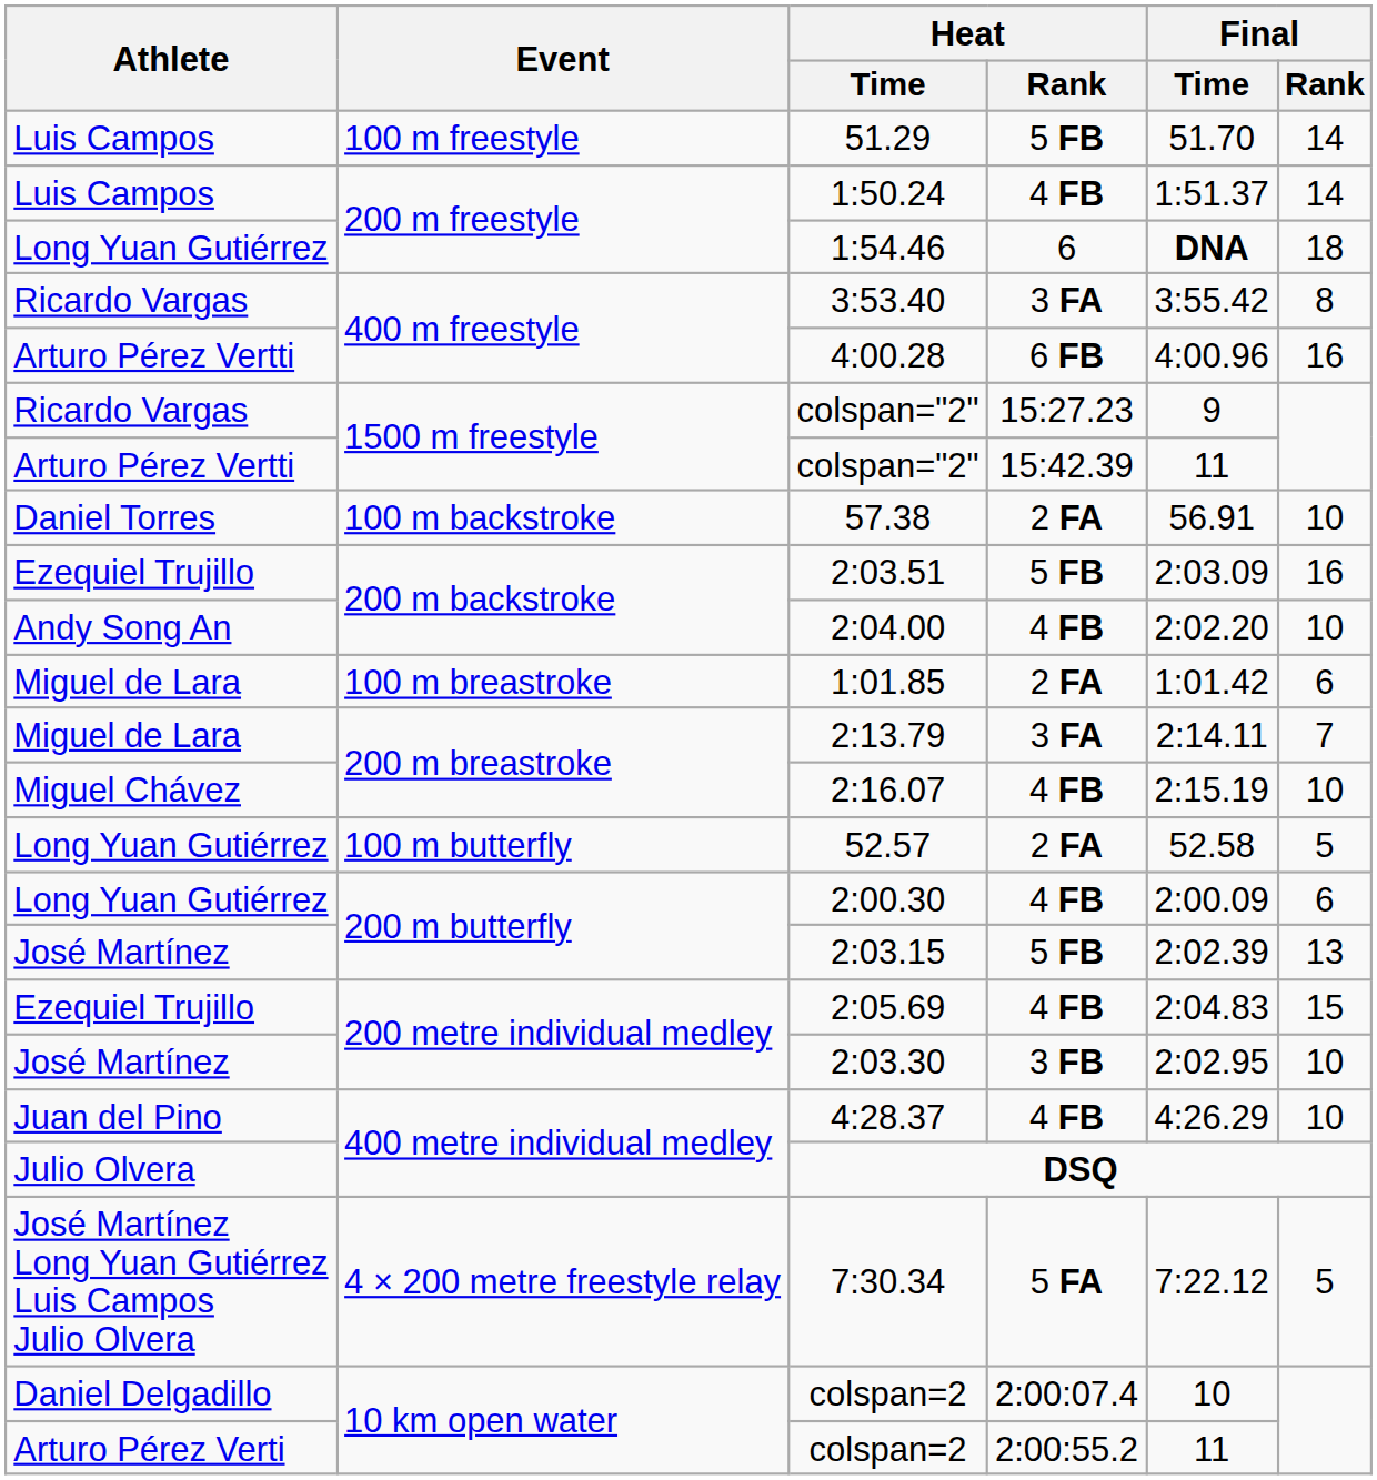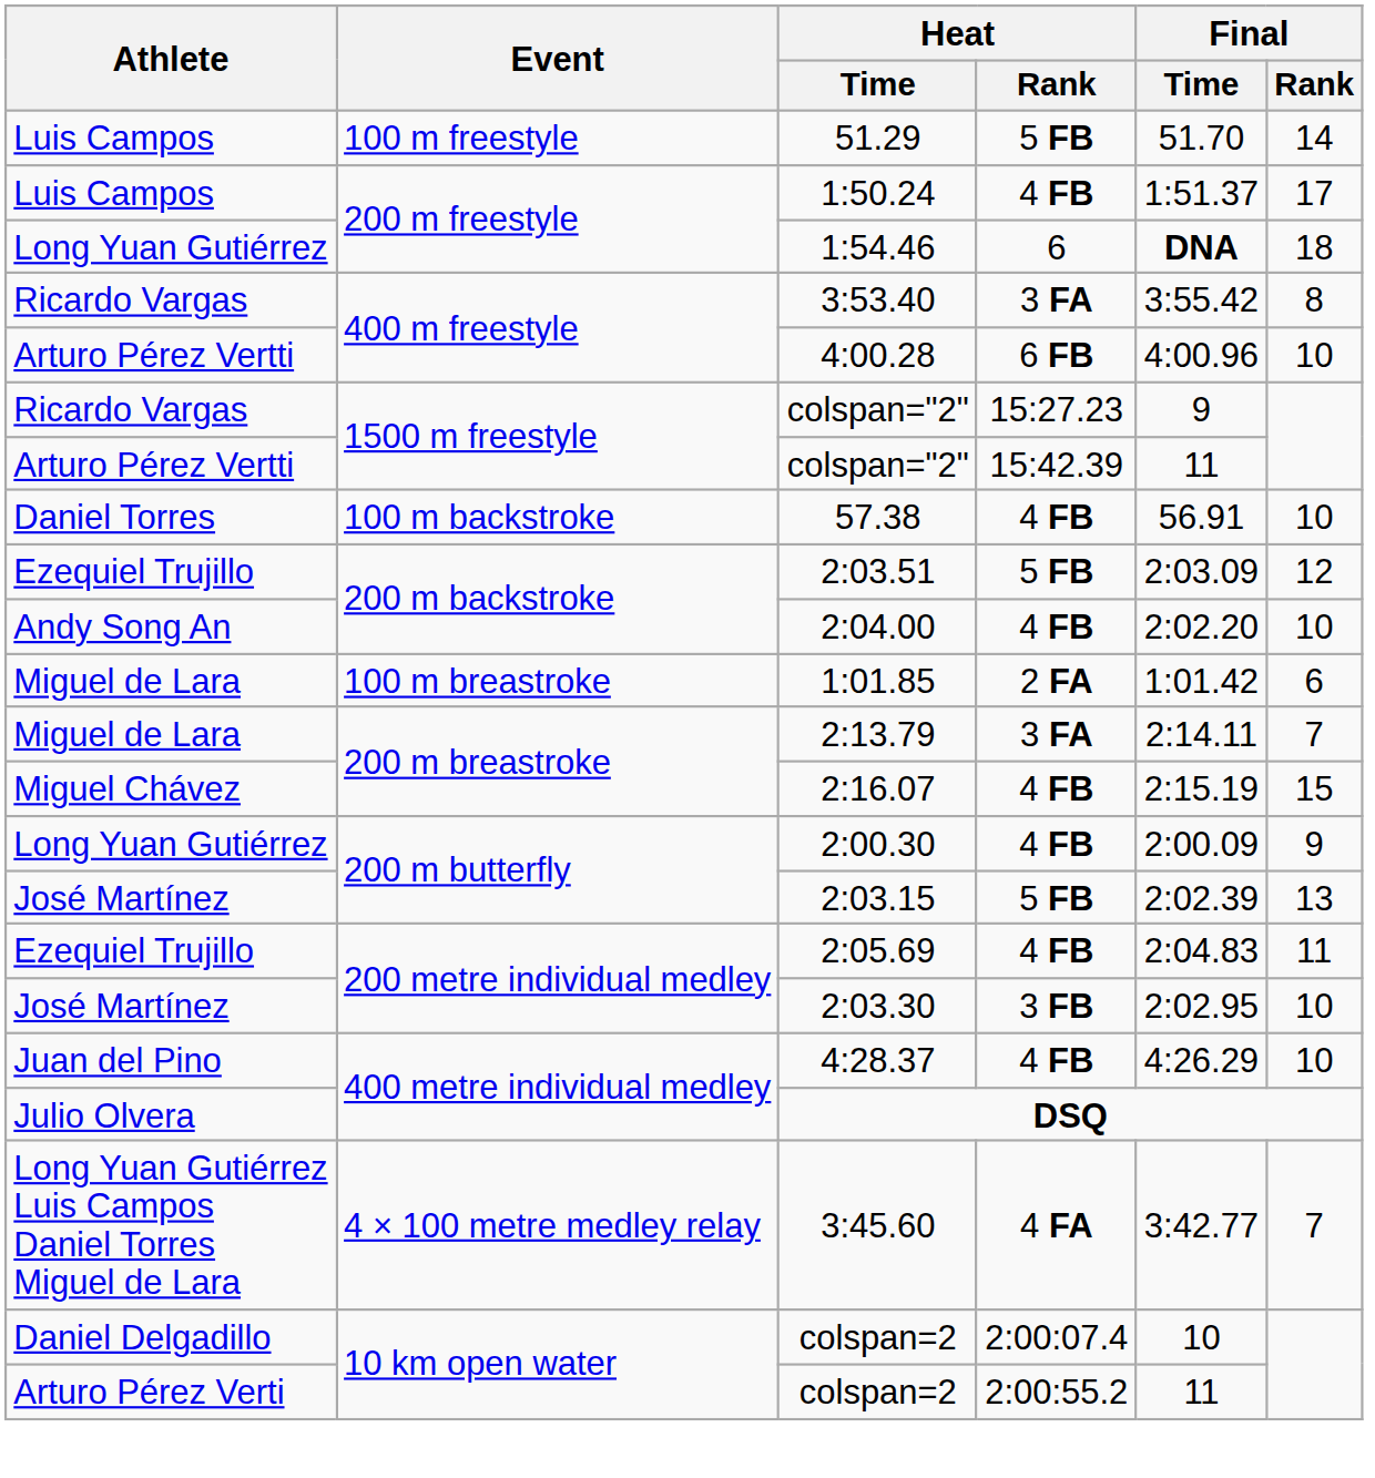 <table class=wikitable style="font-size:90%">
 <tr>
 <th rowspan="2">Athlete</th>
 <th rowspan="2">Event</th>
 <th colspan="2">Heat</th>
 <th colspan="2">Final</th>
 </tr>
 <tr style="font-size:95%">
 <th>Time</th>
 <th>Rank</th>
 <th>Time</th>
 <th>Rank</th>
 </tr>
 <tr align=center>
 <td align=left><a href='#'>Luis Campos</a></td>
 <td align=left><a href='#'>100 m freestyle</a></td>
 <td>51.29</td>
 <td>5 <strong>FB</strong></td>
 <td>51.70</td>
 <td>14</td>
 </tr>
 <tr align=center>
 <td align=left><a href='#'>Luis Campos</a></td>
 <td align=left rowspan=2><a href='#'>200 m freestyle</a></td>
 <td>1:50.24</td>
 <td>4 <strong>FB</strong></td>
 <td>1:51.37</td>
-<td>14</td>
+<td>17</td>
 </tr>
 <tr align=center>
 <td align=left><a href='#'>Long Yuan Gutiérrez</a></td>
 <td>1:54.46</td>
 <td>6</td>
 <td><strong>DNA</strong></td>
 <td>18</td>
 </tr>
 <tr align=center>
 <td align=left><a href='#'>Ricardo Vargas</a></td>
 <td align=left rowspan="2"><a href='#'>400 m freestyle</a></td>
 <td>3:53.40</td>
 <td>3 <strong>FA</strong></td>
 <td>3:55.42</td>
 <td>8</td>
 </tr>
 <tr align=center>
 <td align=left><a href='#'>Arturo Pérez Vertti</a></td>
 <td>4:00.28</td>
 <td>6 <strong>FB</strong></td>
 <td>4:00.96</td>
-<td>16</td>
+<td>10</td>
 </tr>
 <tr align=center>
 <td align=left><a href='#'>Ricardo Vargas</a></td>
 <td align=left rowspan="2"><a href='#'>1500 m freestyle</a></td>
 <td>colspan="2" </td>
 <td>15:27.23</td>
 <td>9</td>
 </tr>
 <tr align=center>
 <td align=left><a href='#'>Arturo Pérez Vertti</a></td>
 <td>colspan="2" </td>
 <td>15:42.39</td>
 <td>11</td>
 </tr>
 <tr align=center>
 <td align=left><a href='#'>Daniel Torres</a></td>
 <td align=left><a href='#'>100 m backstroke</a></td>
 <td>57.38</td>
-<td>2 <strong>FA</strong></td>
+<td>4 <strong>FB</strong></td>
 <td>56.91</td>
 <td>10</td>
 </tr>
 <tr align=center>
 <td align=left><a href='#'>Ezequiel Trujillo</a></td>
 <td align=left rowspan="2"><a href='#'>200 m backstroke</a></td>
 <td>2:03.51</td>
 <td>5 <strong>FB</strong></td>
 <td>2:03.09</td>
-<td>16</td>
+<td>12</td>
 </tr>
 <tr align=center>
 <td align=left><a href='#'>Andy Song An</a></td>
 <td>2:04.00</td>
 <td>4 <strong>FB</strong></td>
 <td>2:02.20</td>
 <td>10</td>
 </tr>
 <tr align=center>
 <td align=left><a href='#'>Miguel de Lara</a></td>
 <td align=left><a href='#'>100 m breastroke</a></td>
 <td>1:01.85</td>
 <td>2 <strong>FA</strong></td>
 <td>1:01.42</td>
 <td>6</td>
 </tr>
 <tr align=center>
 <td align=left><a href='#'>Miguel de Lara</a></td>
 <td align=left rowspan="2"><a href='#'>200 m breastroke</a></td>
 <td>2:13.79</td>
 <td>3 <strong>FA</strong></td>
 <td>2:14.11</td>
 <td>7</td>
 </tr>
 <tr align=center>
 <td align=left><a href='#'>Miguel Chávez</a></td>
 <td>2:16.07</td>
 <td>4 <strong>FB</strong></td>
 <td>2:15.19</td>
-<td>10</td>
-</tr>
-<tr align=center>
-<td align=left><a href='#'>Long Yuan Gutiérrez</a></td>
-<td align=left><a href='#'>100 m butterfly</a></td>
-<td>52.57</td>
-<td>2 <strong>FA</strong></td>
-<td>52.58</td>
-<td>5</td>
+<td>15</td>
 </tr>
 <tr align=center>
 <td align=left><a href='#'>Long Yuan Gutiérrez</a></td>
 <td align=left rowspan=2><a href='#'>200 m butterfly</a></td>
 <td>2:00.30</td>
 <td>4 <strong>FB</strong></td>
 <td>2:00.09</td>
-<td>6</td>
+<td>9</td>
 </tr>
 <tr align=center>
 <td align=left><a href='#'>José Martínez</a></td>
 <td>2:03.15</td>
 <td>5 <strong>FB</strong></td>
 <td>2:02.39</td>
 <td>13</td>
 </tr>
 <tr align=center>
 <td align=left><a href='#'>Ezequiel Trujillo</a></td>
 <td align=left rowspan="2"><a href='#'>200 metre individual medley</a></td>
 <td>2:05.69</td>
 <td>4 <strong>FB</strong></td>
 <td>2:04.83</td>
-<td>15</td>
+<td>11</td>
 </tr>
 <tr align=center>
 <td align=left><a href='#'>José Martínez</a></td>
 <td>2:03.30</td>
 <td>3 <strong>FB</strong></td>
 <td>2:02.95</td>
 <td>10</td>
 </tr>
 <tr align=center>
 <td align=left><a href='#'>Juan del Pino</a></td>
 <td align=left rowspan="2"><a href='#'>400 metre individual medley</a></td>
 <td>4:28.37</td>
 <td>4 <strong>FB</strong></td>
 <td>4:26.29</td>
 <td>10</td>
 </tr>
 <tr align=center>
 <td align=left><a href='#'>Julio Olvera</a></td>
 <td colspan=4><strong>DSQ</strong></td>
 </tr>
 <tr align=center>
-<td align=left><a href='#'>José Martínez</a><br><a href='#'>Long Yuan Gutiérrez</a><br><a href='#'>Luis Campos</a><br><a href='#'>Julio Olvera</a></td>
-<td align=left><a href='#'>4 × 200 metre freestyle relay</a></td>
-<td>7:30.34</td>
-<td>5 <strong>FA</strong></td>
-<td>7:22.12</td>
-<td>5</td>
+<td align=left><a href='#'>Long Yuan Gutiérrez</a><br><a href='#'>Luis Campos</a><br><a href='#'>Daniel Torres</a><br><a href='#'>Miguel de Lara</a></td>
+<td align=left><a href='#'>4 × 100 metre medley relay</a></td>
+<td>3:45.60</td>
+<td>4 <strong>FA</strong></td>
+<td>3:42.77</td>
+<td>7</td>
 </tr>
 <tr align=center>
 <td align=left><a href='#'>Daniel Delgadillo</a></td>
 <td align=left rowspan="2"><a href='#'>10 km open water</a></td>
 <td>colspan=2 </td>
 <td>2:00:07.4</td>
 <td>10</td>
 </tr>
 <tr align=center>
 <td align=left><a href='#'>Arturo Pérez Verti</a></td>
 <td>colspan=2 </td>
 <td>2:00:55.2</td>
 <td>11</td>
 </tr>
 </table>
